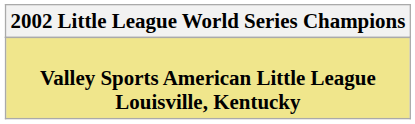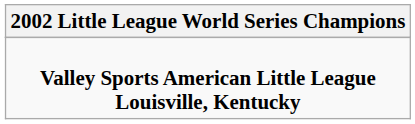 <table class="wikitable" style="text-align: center; margin: 0 auto;">
 <tr>
 <th>2002 Little League World Series Champions</th>
 </tr>
 <tr>
 </tr>
 <tr>
-<td style="background: khaki;"><br><strong>Valley Sports American Little League</strong><br><strong>Louisville, Kentucky</strong></td>
+<td><br><strong>Valley Sports American Little League</strong><br><strong>Louisville, Kentucky</strong></td>
 </tr>
 </table>
